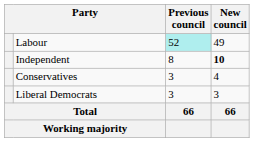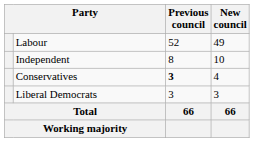 <table class="wikitable">
 <tr>
 <th valign=top colspan="2" style="width: 230px">Party</th>
 <th valign=top style="width: 30px">Previous council</th>
 <th valign=top style="width: 30px">New council</th>
 </tr>
 <tr>
 <th style="background-color: "></th>
 <td>Labour</td>
-<td style="background: paleturquoise;">52</td>
+<td>52</td>
 <td>49</td>
 </tr>
 <tr>
 <th style="background-color: "></th>
 <td>Independent</td>
 <td>8</td>
-<td><strong>10</strong></td>
+<td>10</td>
 </tr>
 <tr>
 <th style="background-color: "></th>
 <td>Conservatives</td>
-<td>3</td>
+<td><strong>3</strong></td>
 <td>4</td>
 </tr>
 <tr>
 <th style="background-color: "></th>
 <td>Liberal Democrats</td>
 <td>3</td>
 <td>3</td>
 </tr>
 <tr>
 <th colspan=2>Total</th>
 <th style="text-align: center">66</th>
 <th colspan=3>66</th>
 </tr>
 <tr>
 <th colspan=2>Working majority</th>
 <th></th>
 <th></th>
 </tr>
 </table>
